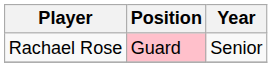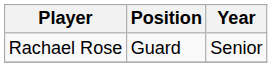 <table class="wikitable" border="1">
 <tr align=center>
 <th>Player</th>
 <th>Position</th>
 <th>Year</th>
 </tr>
 <tr>
 <td>Rachael Rose</td>
-<td style="background: pink;">Guard</td>
+<td>Guard</td>
 <td>Senior</td>
 </tr>
 <tr>
 </tr>
 </table>
